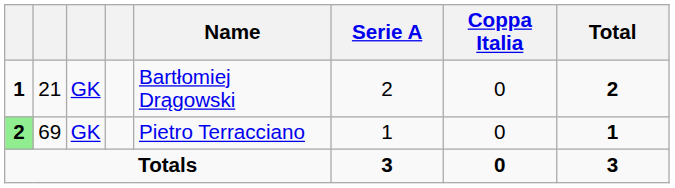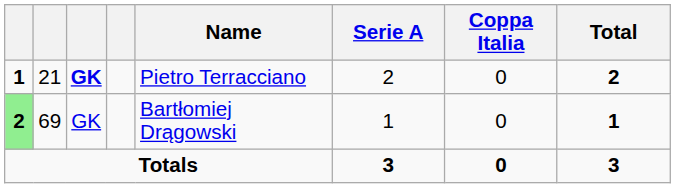 <table class="wikitable" style="text-align:center">
 <tr>
 <th width=15></th>
 <th width=15></th>
 <th width=15></th>
 <th width=15></th>
 <th width=145>Name</th>
 <th width=80><strong><a href='#'>Serie A</a></strong></th>
 <th width=80><strong><a href='#'>Coppa Italia</a></strong></th>
 <th width=80>Total</th>
 </tr>
 <tr>
 <td><strong>1</strong></td>
 <td>21</td>
-<td><a href='#'>GK</a></td>
+<td><strong><a href='#'>GK</a></strong></td>
 <td></td>
-<td align=left><a href='#'>Bartłomiej Drągowski</a></td>
+<td align=left><a href='#'>Pietro Terracciano</a></td>
 <td>2</td>
 <td>0</td>
 <td><strong>2</strong></td>
 </tr>
 <tr>
 <td style="background: lightgreen;"><strong>2</strong></td>
 <td>69</td>
 <td><a href='#'>GK</a></td>
 <td></td>
-<td align=left><a href='#'>Pietro Terracciano</a></td>
+<td align=left><a href='#'>Bartłomiej Drągowski</a></td>
 <td>1</td>
 <td>0</td>
 <td><strong>1</strong></td>
 </tr>
 <tr>
 <td colspan=5><strong>Totals</strong></td>
 <td><strong>3</strong></td>
 <td><strong>0</strong></td>
 <td><strong>3</strong></td>
 </tr>
 </table>
